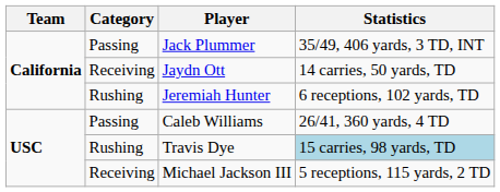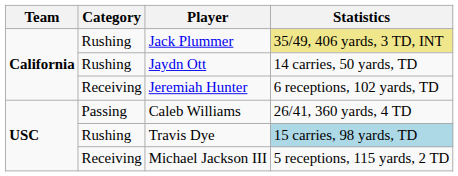 <table class="wikitable" style="float: right;">
 <tr>
 <th>Team</th>
 <th>Category</th>
 <th>Player</th>
 <th>Statistics</th>
 </tr>
 <tr>
 <td rowspan=3><strong>California</strong></td>
-<td>Passing</td>
+<td>Rushing</td>
 <td><a href='#'>Jack Plummer</a></td>
-<td>35/49, 406 yards, 3 TD, INT</td>
+<td style="background: khaki;">35/49, 406 yards, 3 TD, INT</td>
 </tr>
 <tr>
-<td>Receiving</td>
+<td>Rushing</td>
 <td><a href='#'>Jaydn Ott</a></td>
 <td>14 carries, 50 yards, TD</td>
 </tr>
 <tr>
-<td>Rushing</td>
+<td>Receiving</td>
 <td><a href='#'>Jeremiah Hunter</a></td>
 <td>6 receptions, 102 yards, TD</td>
 </tr>
 <tr>
 <td rowspan=3><strong>USC</strong></td>
 <td>Passing</td>
 <td>Caleb Williams</td>
 <td>26/41, 360 yards, 4 TD</td>
 </tr>
 <tr>
 <td>Rushing</td>
 <td>Travis Dye</td>
 <td style="background: lightblue;">15 carries, 98 yards, TD</td>
 </tr>
 <tr>
 <td>Receiving</td>
 <td>Michael Jackson III</td>
 <td>5 receptions, 115 yards, 2 TD</td>
 </tr>
 </table>
